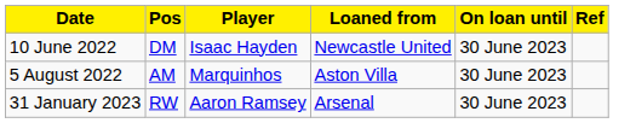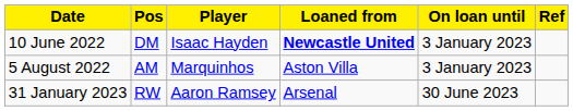 <table class="wikitable plainrowheaders sortable">
 <tr>
 <th style="background:#FFF000; color:#000000; ">Date</th>
 <th style="background:#FFF000; color:#000000; ">Pos</th>
 <th style="background:#FFF000; color:#000000; ">Player</th>
 <th style="background:#FFF000; color:#000000; ">Loaned from</th>
 <th style="background:#FFF000; color:#000000; ">On loan until</th>
 <th style="background:#FFF000; color:#000000; ">Ref</th>
 </tr>
 <tr>
 <td>10 June 2022</td>
 <td><a href='#'>DM</a></td>
 <td> <a href='#'>Isaac Hayden</a></td>
-<td> <a href='#'>Newcastle United</a></td>
-<td>30 June 2023</td>
+<td><strong> <a href='#'>Newcastle United</a></strong></td>
+<td>3 January 2023</td>
 <td></td>
 </tr>
 <tr>
 <td>5 August 2022</td>
 <td><a href='#'>AM</a></td>
 <td> <a href='#'>Marquinhos</a></td>
 <td> <a href='#'>Aston Villa</a></td>
-<td>30 June 2023</td>
+<td>3 January 2023</td>
 <td></td>
 </tr>
 <tr>
 <td>31 January 2023</td>
 <td><a href='#'>RW</a></td>
 <td> <a href='#'>Aaron Ramsey</a></td>
 <td> <a href='#'>Arsenal</a></td>
 <td>30 June 2023</td>
 <td></td>
 </tr>
 </table>
